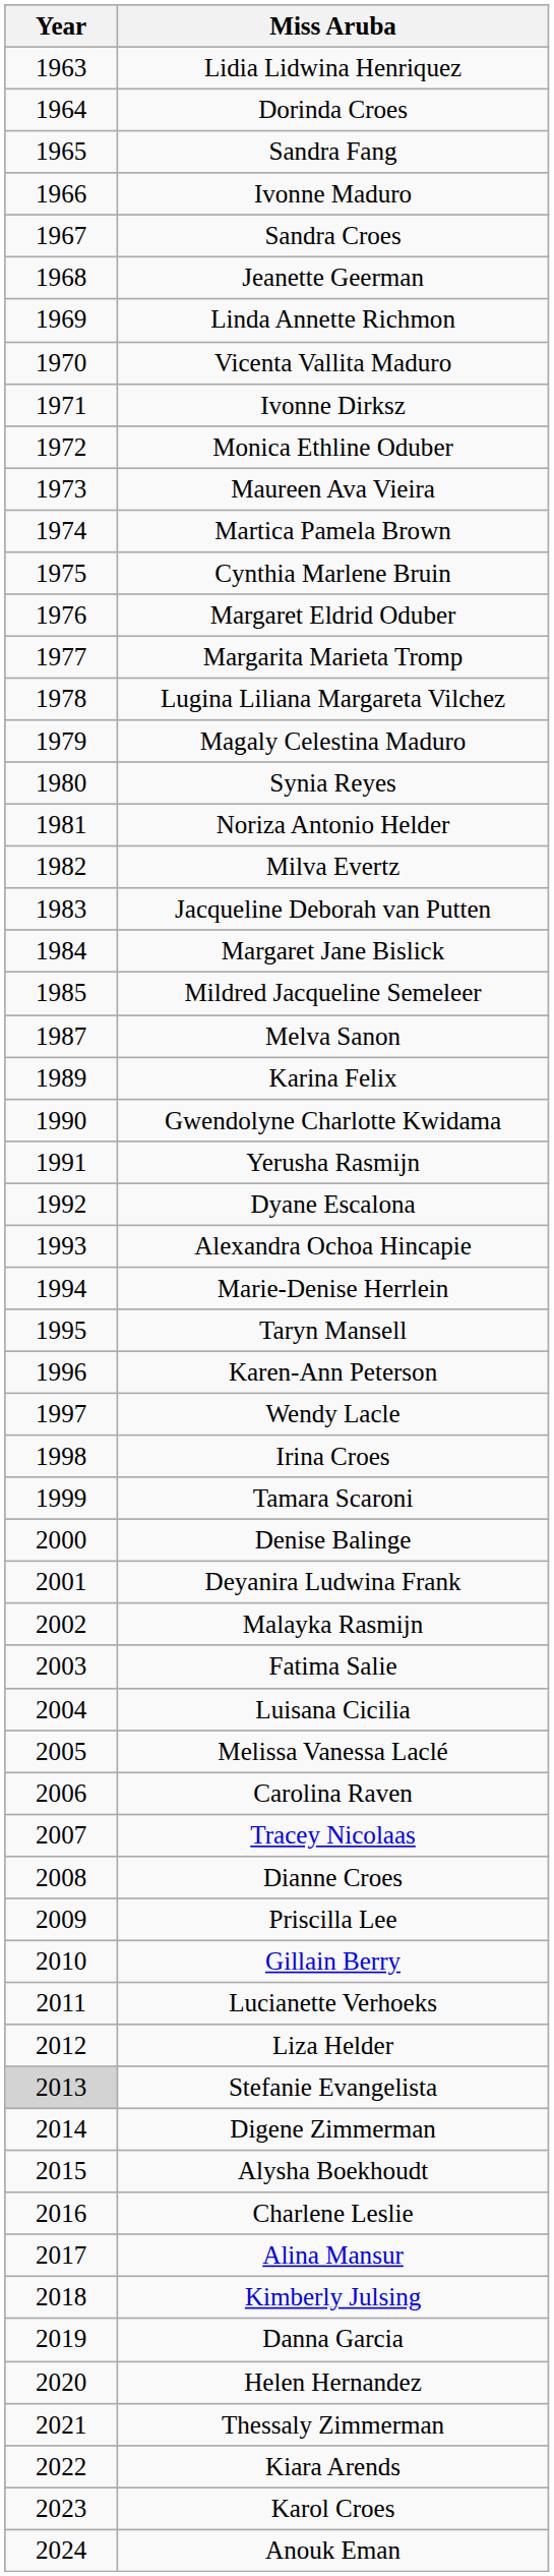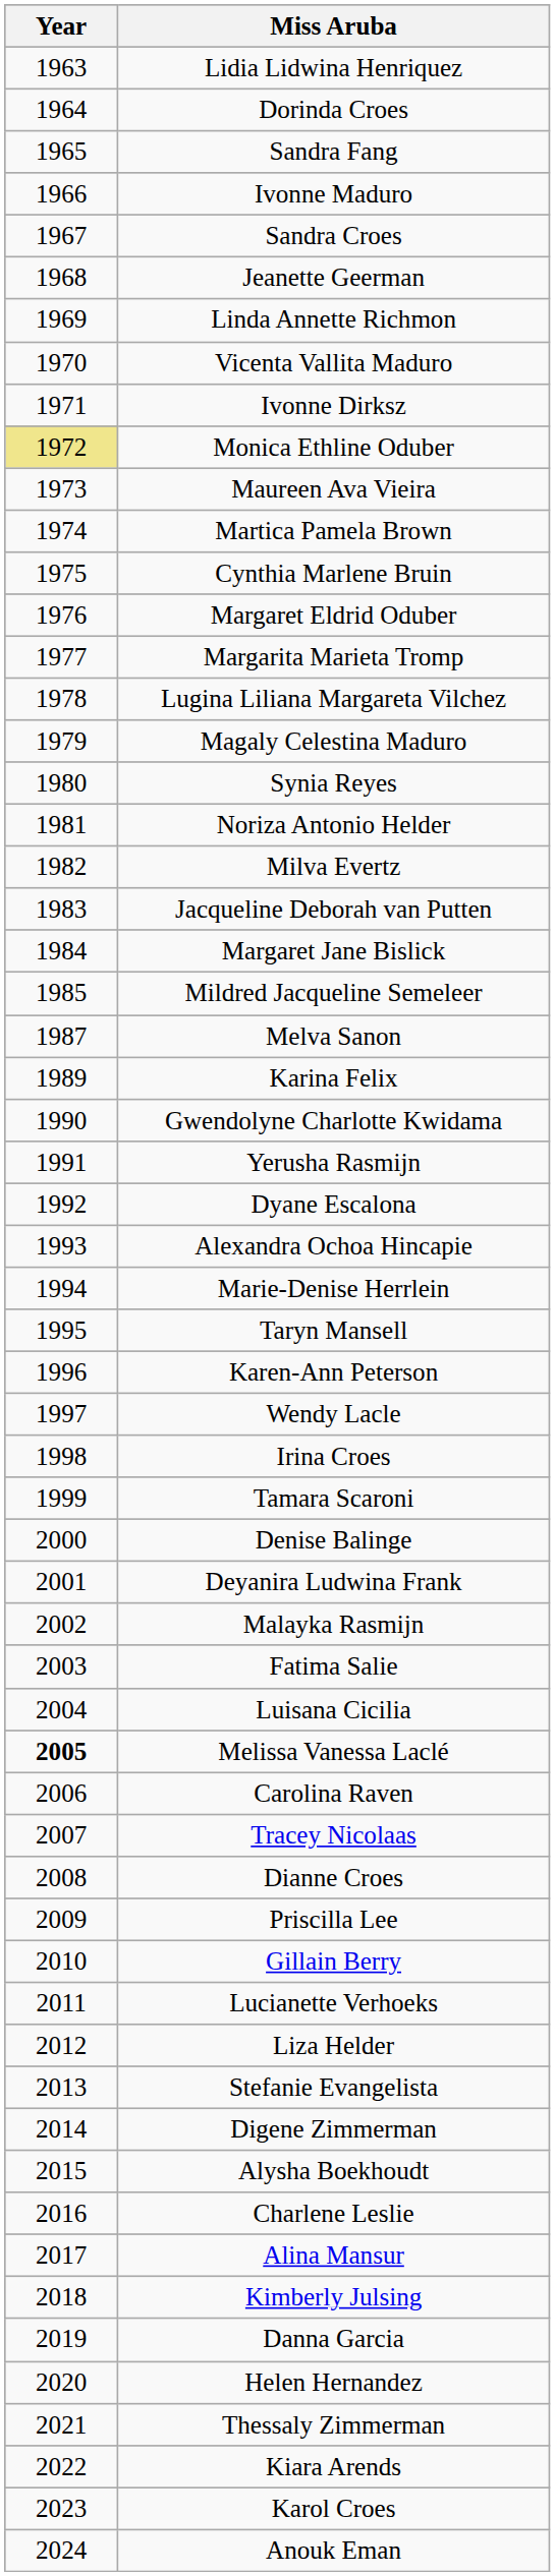 <table class="wikitable sortable" style="font-size: 95%; text-align:center">
 <tr>
 <th width="60">Year</th>
 <th width="250">Miss Aruba</th>
 </tr>
 <tr>
 <td>1963</td>
 <td>Lidia Lidwina Henriquez</td>
 </tr>
 <tr>
 <td>1964</td>
 <td>Dorinda Croes</td>
 </tr>
 <tr>
 <td>1965</td>
 <td>Sandra Fang</td>
 </tr>
 <tr>
 <td>1966</td>
 <td>Ivonne Maduro</td>
 </tr>
 <tr>
 <td>1967</td>
 <td>Sandra Croes</td>
 </tr>
 <tr>
 <td>1968</td>
 <td>Jeanette Geerman</td>
 </tr>
 <tr>
 <td>1969</td>
 <td>Linda Annette Richmon</td>
 </tr>
 <tr>
 <td>1970</td>
 <td>Vicenta Vallita Maduro</td>
 </tr>
 <tr>
 <td>1971</td>
 <td>Ivonne Dirksz</td>
 </tr>
 <tr>
-<td>1972</td>
+<td style="background: khaki;">1972</td>
 <td>Monica Ethline Oduber</td>
 </tr>
 <tr>
 <td>1973</td>
 <td>Maureen Ava Vieira</td>
 </tr>
 <tr>
 <td>1974</td>
 <td>Martica Pamela Brown</td>
 </tr>
 <tr>
 <td>1975</td>
 <td>Cynthia Marlene Bruin</td>
 </tr>
 <tr>
 <td>1976</td>
 <td>Margaret Eldrid Oduber</td>
 </tr>
 <tr>
 <td>1977</td>
 <td>Margarita Marieta Tromp</td>
 </tr>
 <tr>
 <td>1978</td>
 <td>Lugina Liliana Margareta Vilchez</td>
 </tr>
 <tr>
 <td>1979</td>
 <td>Magaly Celestina Maduro</td>
 </tr>
 <tr>
 <td>1980</td>
 <td>Synia Reyes</td>
 </tr>
 <tr>
 <td>1981</td>
 <td>Noriza Antonio Helder</td>
 </tr>
 <tr>
 <td>1982</td>
 <td>Milva Evertz</td>
 </tr>
 <tr>
 <td>1983</td>
 <td>Jacqueline Deborah van Putten</td>
 </tr>
 <tr>
 <td>1984</td>
 <td>Margaret Jane Bislick</td>
 </tr>
 <tr>
 <td>1985</td>
 <td>Mildred Jacqueline Semeleer</td>
 </tr>
 <tr>
 <td>1987</td>
 <td>Melva Sanon</td>
 </tr>
 <tr>
 <td>1989</td>
 <td>Karina Felix</td>
 </tr>
 <tr>
 <td>1990</td>
 <td>Gwendolyne Charlotte Kwidama</td>
 </tr>
 <tr>
 <td>1991</td>
 <td>Yerusha Rasmijn</td>
 </tr>
 <tr>
 <td>1992</td>
 <td>Dyane Escalona</td>
 </tr>
 <tr>
 <td>1993</td>
 <td>Alexandra Ochoa Hincapie</td>
 </tr>
 <tr>
 <td>1994</td>
 <td>Marie-Denise Herrlein</td>
 </tr>
 <tr>
 <td>1995</td>
 <td>Taryn Mansell</td>
 </tr>
 <tr>
 <td>1996</td>
 <td>Karen-Ann Peterson</td>
 </tr>
 <tr>
 <td>1997</td>
 <td>Wendy Lacle</td>
 </tr>
 <tr>
 <td>1998</td>
 <td>Irina Croes</td>
 </tr>
 <tr>
 <td>1999</td>
 <td>Tamara Scaroni</td>
 </tr>
 <tr>
 <td>2000</td>
 <td>Denise Balinge</td>
 </tr>
 <tr>
 <td>2001</td>
 <td>Deyanira Ludwina Frank</td>
 </tr>
 <tr>
 <td>2002</td>
 <td>Malayka Rasmijn</td>
 </tr>
 <tr>
 <td>2003</td>
 <td>Fatima Salie</td>
 </tr>
 <tr>
 <td>2004</td>
 <td>Luisana Cicilia</td>
 </tr>
 <tr>
-<td>2005</td>
+<td><strong>2005</strong></td>
 <td>Melissa Vanessa Laclé</td>
 </tr>
 <tr>
 <td>2006</td>
 <td>Carolina Raven</td>
 </tr>
 <tr>
 <td>2007</td>
 <td><a href='#'>Tracey Nicolaas</a></td>
 </tr>
 <tr>
 <td>2008</td>
 <td>Dianne Croes</td>
 </tr>
 <tr>
 <td>2009</td>
 <td>Priscilla Lee</td>
 </tr>
 <tr>
 <td>2010</td>
 <td><a href='#'>Gillain Berry</a></td>
 </tr>
 <tr>
 <td>2011</td>
 <td>Lucianette Verhoeks</td>
 </tr>
 <tr>
 <td>2012</td>
 <td>Liza Helder</td>
 </tr>
 <tr>
-<td style="background: lightgrey;">2013</td>
+<td>2013</td>
 <td>Stefanie Evangelista</td>
 </tr>
 <tr>
 <td>2014</td>
 <td>Digene Zimmerman</td>
 </tr>
 <tr>
 <td>2015</td>
 <td>Alysha Boekhoudt</td>
 </tr>
 <tr>
 <td>2016</td>
 <td>Charlene Leslie</td>
 </tr>
 <tr>
 <td>2017</td>
 <td><a href='#'>Alina Mansur</a></td>
 </tr>
 <tr>
 <td>2018</td>
 <td><a href='#'>Kimberly Julsing</a></td>
 </tr>
 <tr>
 <td>2019</td>
 <td>Danna Garcia</td>
 </tr>
 <tr>
 <td>2020</td>
 <td>Helen Hernandez</td>
 </tr>
 <tr>
 <td>2021</td>
 <td>Thessaly Zimmerman</td>
 </tr>
 <tr>
 <td>2022</td>
 <td>Kiara Arends</td>
 </tr>
 <tr>
 <td>2023</td>
 <td>Karol Croes</td>
 </tr>
 <tr>
 <td>2024</td>
 <td>Anouk Eman</td>
 </tr>
 <tr>
 </tr>
 </table>
